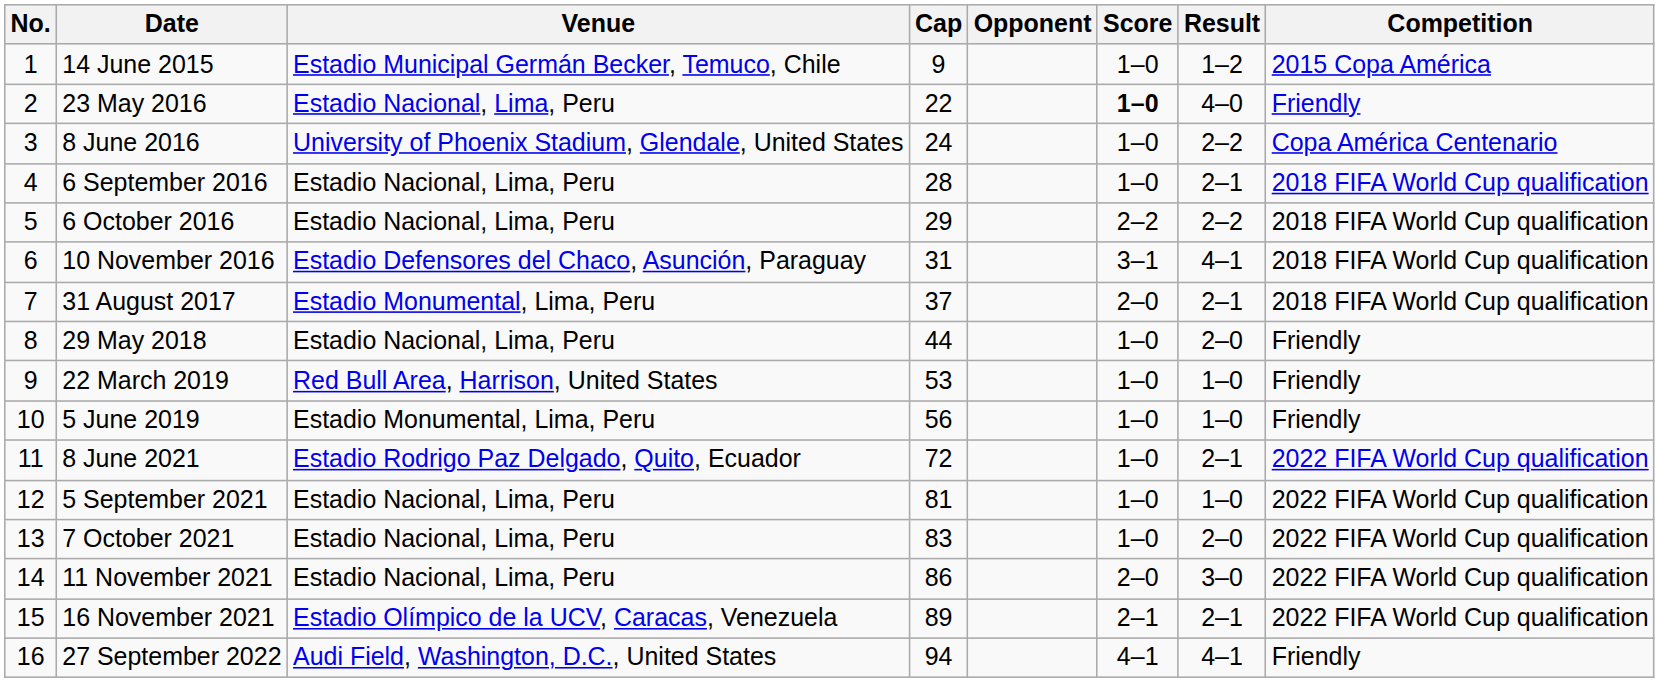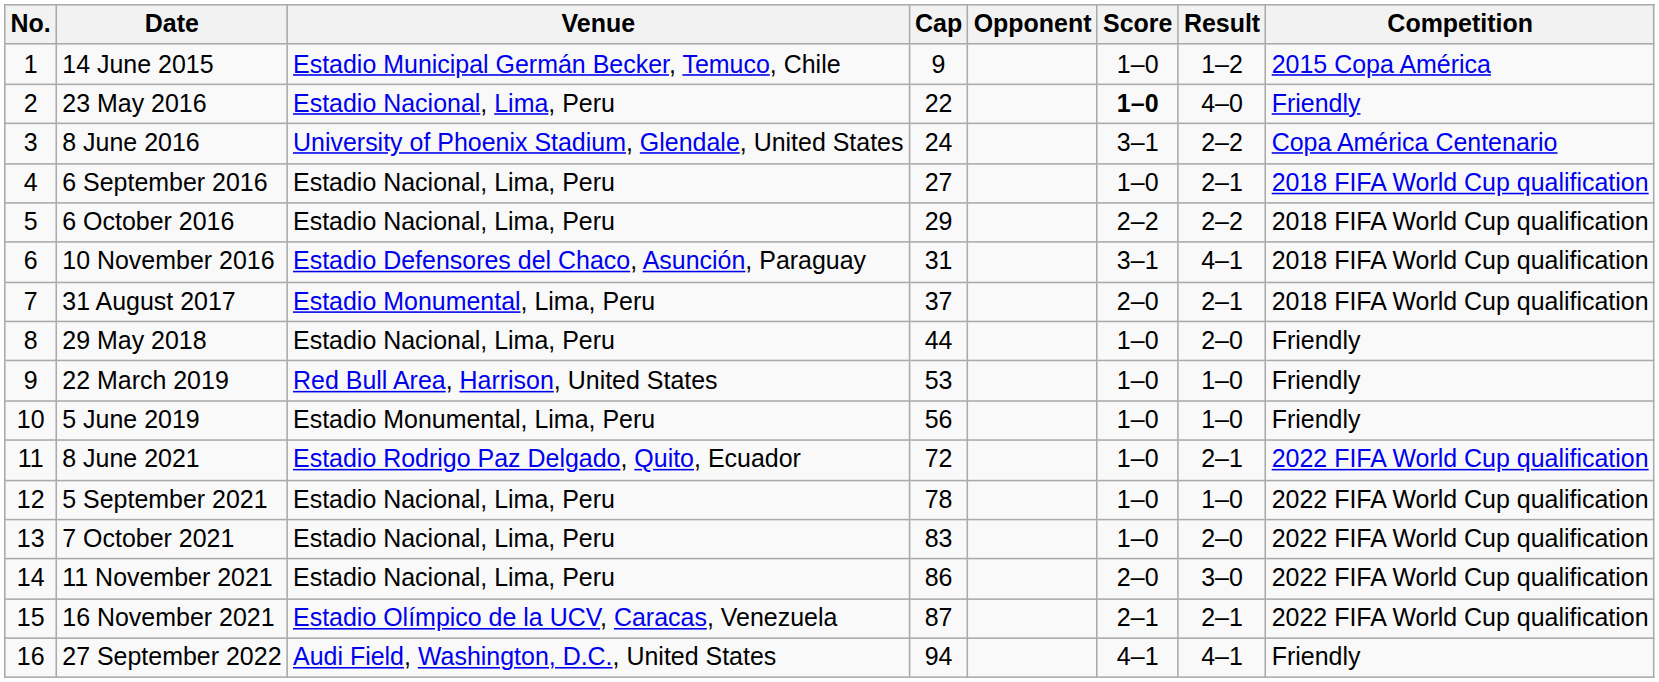 <table class="wikitable sortable">
 <tr>
 <th scope="col">No.</th>
 <th scope="col" data-sort-type="date">Date</th>
 <th scope="col">Venue</th>
 <th scope="col">Cap</th>
 <th scope="col">Opponent</th>
 <th scope="col">Score</th>
 <th scope="col">Result</th>
 <th scope="col">Competition</th>
 </tr>
 <tr>
 <td align="center">1</td>
 <td>14 June 2015</td>
 <td><a href='#'>Estadio Municipal Germán Becker</a>, <a href='#'>Temuco</a>, Chile</td>
 <td align="center">9</td>
 <td></td>
 <td align="center">1–0</td>
 <td align="center">1–2</td>
 <td><a href='#'>2015 Copa América</a></td>
 </tr>
 <tr>
 <td align="center">2</td>
 <td>23 May 2016</td>
 <td><a href='#'>Estadio Nacional</a>, <a href='#'>Lima</a>, Peru</td>
 <td align="center">22</td>
 <td></td>
 <td align="center"><strong>1–0</strong></td>
 <td align="center">4–0</td>
 <td><a href='#'>Friendly</a></td>
 </tr>
 <tr>
 <td align="center">3</td>
 <td>8 June 2016</td>
 <td><a href='#'>University of Phoenix Stadium</a>, <a href='#'>Glendale</a>, United States</td>
 <td align="center">24</td>
 <td></td>
-<td align="center">1–0</td>
+<td align="center">3–1</td>
 <td align="center">2–2</td>
 <td><a href='#'>Copa América Centenario</a></td>
 </tr>
 <tr>
 <td align="center">4</td>
 <td>6 September 2016</td>
 <td>Estadio Nacional, Lima, Peru</td>
-<td align="center">28</td>
+<td align="center">27</td>
 <td></td>
 <td align="center">1–0</td>
 <td align="center">2–1</td>
 <td><a href='#'>2018 FIFA World Cup qualification</a></td>
 </tr>
 <tr>
 <td align="center">5</td>
 <td>6 October 2016</td>
 <td>Estadio Nacional, Lima, Peru</td>
 <td align="center">29</td>
 <td></td>
 <td align="center">2–2</td>
 <td align="center">2–2</td>
 <td>2018 FIFA World Cup qualification</td>
 </tr>
 <tr>
 <td align="center">6</td>
 <td>10 November 2016</td>
 <td><a href='#'>Estadio Defensores del Chaco</a>, <a href='#'>Asunción</a>, Paraguay</td>
 <td align="center">31</td>
 <td></td>
 <td align="center">3–1</td>
 <td align="center">4–1</td>
 <td>2018 FIFA World Cup qualification</td>
 </tr>
 <tr>
 <td align="center">7</td>
 <td>31 August 2017</td>
 <td><a href='#'>Estadio Monumental</a>, Lima, Peru</td>
 <td align="center">37</td>
 <td></td>
 <td align="center">2–0</td>
 <td align="center">2–1</td>
 <td>2018 FIFA World Cup qualification</td>
 </tr>
 <tr>
 <td align="center">8</td>
 <td>29 May 2018</td>
 <td>Estadio Nacional, Lima, Peru</td>
 <td align="center">44</td>
 <td></td>
 <td align="center">1–0</td>
 <td align="center">2–0</td>
 <td>Friendly</td>
 </tr>
 <tr>
 <td align="center">9</td>
 <td>22 March 2019</td>
 <td><a href='#'>Red Bull Area</a>, <a href='#'>Harrison</a>, United States</td>
 <td align="center">53</td>
 <td></td>
 <td align="center">1–0</td>
 <td align="center">1–0</td>
 <td>Friendly</td>
 </tr>
 <tr>
 <td align="center">10</td>
 <td>5 June 2019</td>
 <td>Estadio Monumental, Lima, Peru</td>
 <td align="center">56</td>
 <td></td>
 <td align="center">1–0</td>
 <td align="center">1–0</td>
 <td>Friendly</td>
 </tr>
 <tr>
 <td align="center">11</td>
 <td>8 June 2021</td>
 <td><a href='#'>Estadio Rodrigo Paz Delgado</a>, <a href='#'>Quito</a>, Ecuador</td>
 <td align="center">72</td>
 <td></td>
 <td align="center">1–0</td>
 <td align="center">2–1</td>
 <td><a href='#'>2022 FIFA World Cup qualification</a></td>
 </tr>
 <tr>
 <td align="center">12</td>
 <td>5 September 2021</td>
 <td>Estadio Nacional, Lima, Peru</td>
-<td align="center">81</td>
+<td align="center">78</td>
 <td></td>
 <td align="center">1–0</td>
 <td align="center">1–0</td>
 <td>2022 FIFA World Cup qualification</td>
 </tr>
 <tr>
 <td align="center">13</td>
 <td>7 October 2021</td>
 <td>Estadio Nacional, Lima, Peru</td>
 <td align="center">83</td>
 <td></td>
 <td align="center">1–0</td>
 <td align="center">2–0</td>
 <td>2022 FIFA World Cup qualification</td>
 </tr>
 <tr>
 <td align="center">14</td>
 <td>11 November 2021</td>
 <td>Estadio Nacional, Lima, Peru</td>
 <td align="center">86</td>
 <td></td>
 <td align="center">2–0</td>
 <td align="center">3–0</td>
 <td>2022 FIFA World Cup qualification</td>
 </tr>
 <tr>
 <td align="center">15</td>
 <td>16 November 2021</td>
 <td><a href='#'>Estadio Olímpico de la UCV</a>, <a href='#'>Caracas</a>, Venezuela</td>
-<td align="center">89</td>
+<td align="center">87</td>
 <td></td>
 <td align="center">2–1</td>
 <td align="center">2–1</td>
 <td>2022 FIFA World Cup qualification</td>
 </tr>
 <tr>
 <td align="center">16</td>
 <td>27 September 2022</td>
 <td><a href='#'>Audi Field</a>, <a href='#'>Washington, D.C.</a>, United States</td>
 <td align="center">94</td>
 <td></td>
 <td align="center">4–1</td>
 <td align="center">4–1</td>
 <td>Friendly</td>
 </tr>
 </table>
